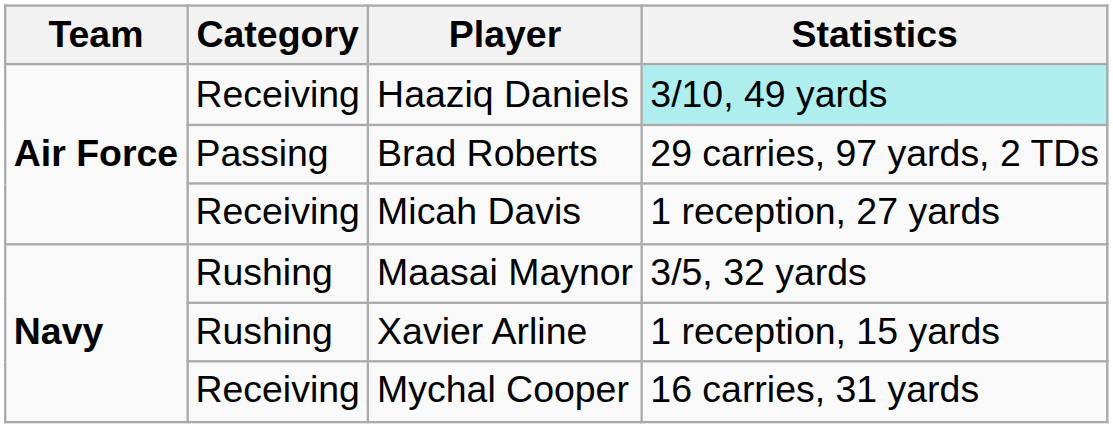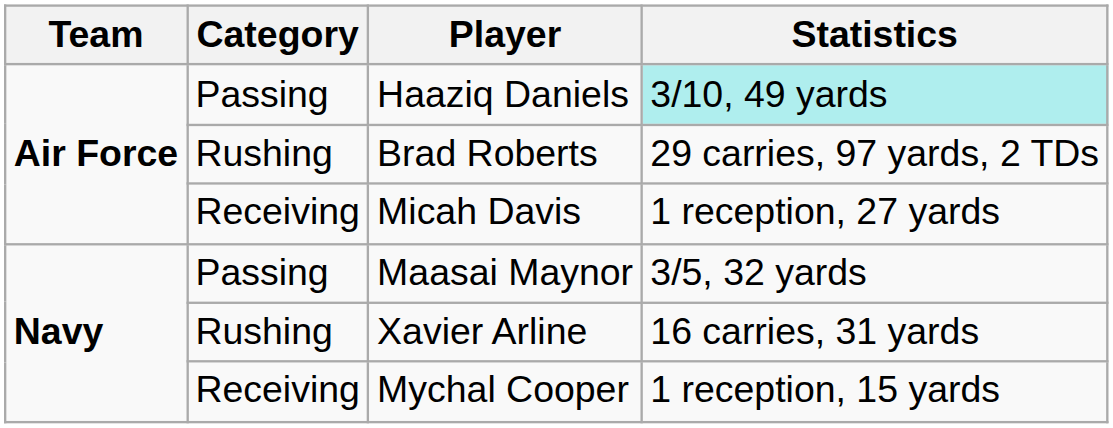 <table class="wikitable" style="float: left;">
 <tr>
 <th>Team</th>
 <th>Category</th>
 <th>Player</th>
 <th>Statistics</th>
 </tr>
 <tr>
 <td rowspan=3><strong>Air Force</strong></td>
-<td>Receiving</td>
+<td>Passing</td>
 <td>Haaziq Daniels</td>
 <td style="background: paleturquoise;">3/10, 49 yards</td>
 </tr>
 <tr>
-<td>Passing</td>
+<td>Rushing</td>
 <td>Brad Roberts</td>
 <td>29 carries, 97 yards, 2 TDs</td>
 </tr>
 <tr>
 <td>Receiving</td>
 <td>Micah Davis</td>
 <td>1 reception, 27 yards</td>
 </tr>
 <tr>
 <td rowspan=3><strong>Navy</strong></td>
-<td>Rushing</td>
+<td>Passing</td>
 <td>Maasai Maynor</td>
 <td>3/5, 32 yards</td>
 </tr>
 <tr>
 <td>Rushing</td>
 <td>Xavier Arline</td>
-<td>1 reception, 15 yards</td>
+<td>16 carries, 31 yards</td>
 </tr>
 <tr>
 <td>Receiving</td>
 <td>Mychal Cooper</td>
-<td>16 carries, 31 yards</td>
+<td>1 reception, 15 yards</td>
 </tr>
 </table>
